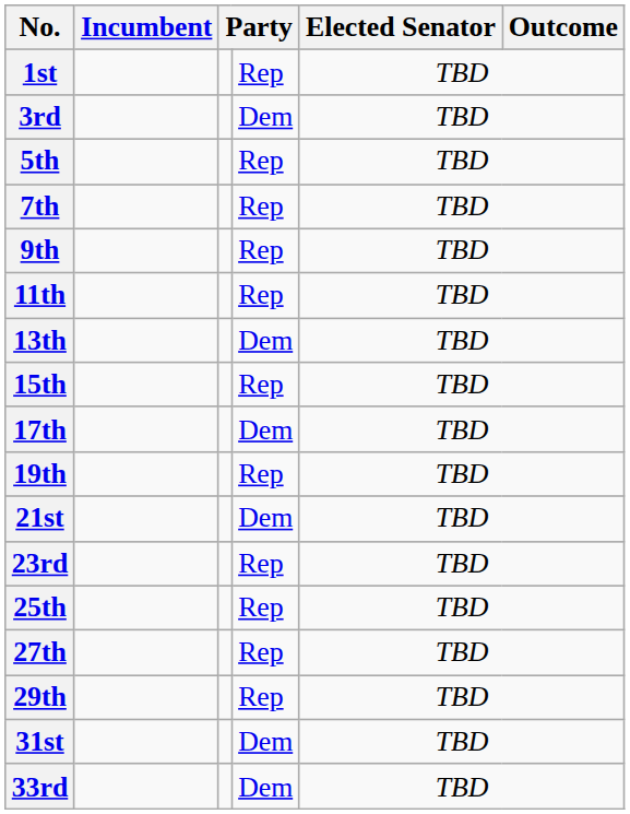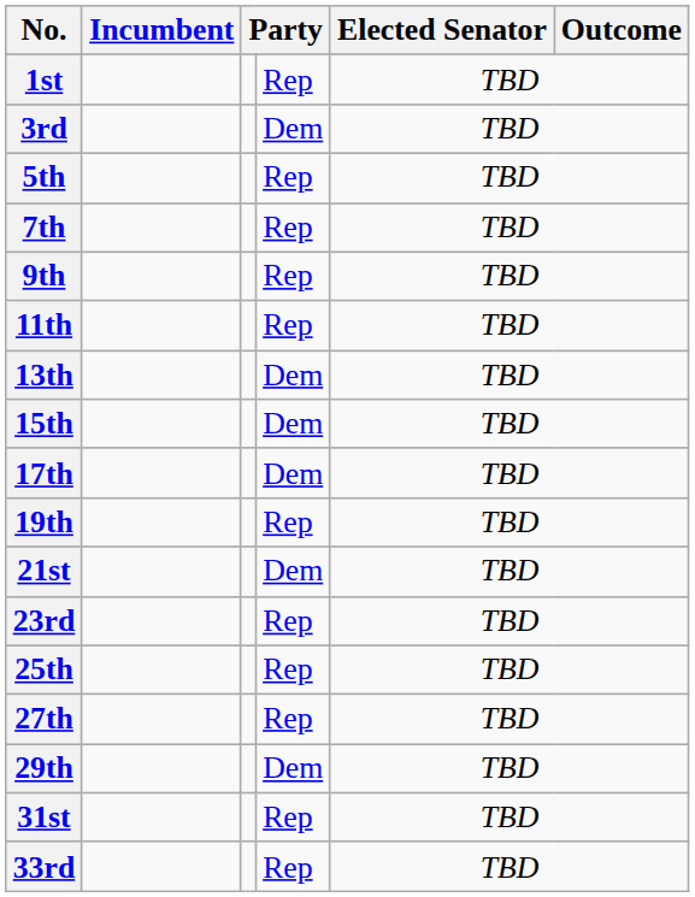 <table class="wikitable sortable">
 <tr>
 <th>No.</th>
 <th><a href='#'>Incumbent</a></th>
 <th colspan="2">Party</th>
 <th>Elected Senator</th>
 <th colspan="2">Outcome</th>
 </tr>
 <tr>
 <th><a href='#'>1st</a></th>
 <td></td>
 <td style="background:"></td>
 <td><a href='#'>Rep</a></td>
 <td colspan=3 style="text-align:center;"><em>TBD</em></td>
 </tr>
 <tr>
 <th><a href='#'>3rd</a></th>
 <td></td>
 <td style="background:"></td>
 <td><a href='#'>Dem</a></td>
 <td colspan=3 style="text-align:center;"><em>TBD</em></td>
 </tr>
 <tr>
 <th><a href='#'>5th</a></th>
 <td></td>
 <td style="background:"></td>
 <td><a href='#'>Rep</a></td>
 <td colspan=3 style="text-align:center;"><em>TBD</em></td>
 </tr>
 <tr>
 <th><a href='#'>7th</a></th>
 <td></td>
 <td style="background:"></td>
 <td><a href='#'>Rep</a></td>
 <td colspan=3 style="text-align:center;"><em>TBD</em></td>
 </tr>
 <tr>
 <th><a href='#'>9th</a></th>
 <td></td>
 <td style="background:"></td>
 <td><a href='#'>Rep</a></td>
 <td colspan=3 style="text-align:center;"><em>TBD</em></td>
 </tr>
 <tr>
 <th><a href='#'>11th</a></th>
 <td></td>
 <td style="background:"></td>
 <td><a href='#'>Rep</a></td>
 <td colspan=3 style="text-align:center;"><em>TBD</em></td>
 </tr>
 <tr>
 <th><a href='#'>13th</a></th>
 <td></td>
 <td style="background:"></td>
 <td><a href='#'>Dem</a></td>
 <td colspan=3 style="text-align:center;"><em>TBD</em></td>
 </tr>
 <tr>
 <th><a href='#'>15th</a></th>
 <td></td>
 <td style="background:"></td>
-<td><a href='#'>Rep</a></td>
+<td><a href='#'>Dem</a></td>
 <td colspan=3 style="text-align:center;"><em>TBD</em></td>
 </tr>
 <tr>
 <th><a href='#'>17th</a></th>
 <td></td>
 <td style="background:"></td>
 <td><a href='#'>Dem</a></td>
 <td colspan=3 style="text-align:center;"><em>TBD</em></td>
 </tr>
 <tr>
 <th><a href='#'>19th</a></th>
 <td></td>
 <td style="background:"></td>
 <td><a href='#'>Rep</a></td>
 <td colspan=3 style="text-align:center;"><em>TBD</em></td>
 </tr>
 <tr>
 <th><a href='#'>21st</a></th>
 <td></td>
 <td style="background:"></td>
 <td><a href='#'>Dem</a></td>
 <td colspan=3 style="text-align:center;"><em>TBD</em></td>
 </tr>
 <tr>
 <th><a href='#'>23rd</a></th>
 <td></td>
 <td style="background:"></td>
 <td><a href='#'>Rep</a></td>
 <td colspan=3 style="text-align:center;"><em>TBD</em></td>
 </tr>
 <tr>
 <th><a href='#'>25th</a></th>
 <td></td>
 <td style="background:"></td>
 <td><a href='#'>Rep</a></td>
 <td colspan=3 style="text-align:center;"><em>TBD</em></td>
 </tr>
 <tr>
 <th><a href='#'>27th</a></th>
 <td></td>
 <td style="background:"></td>
 <td><a href='#'>Rep</a></td>
 <td colspan=3 style="text-align:center;"><em>TBD</em></td>
 </tr>
 <tr>
 <th><a href='#'>29th</a></th>
 <td></td>
 <td style="background:"></td>
-<td><a href='#'>Rep</a></td>
+<td><a href='#'>Dem</a></td>
 <td colspan=3 style="text-align:center;"><em>TBD</em></td>
 </tr>
 <tr>
 <th><a href='#'>31st</a></th>
 <td></td>
 <td style="background:"></td>
-<td><a href='#'>Dem</a></td>
+<td><a href='#'>Rep</a></td>
 <td colspan=3 style="text-align:center;"><em>TBD</em></td>
 </tr>
 <tr>
 <th><a href='#'>33rd</a></th>
 <td></td>
 <td style="background:"></td>
-<td><a href='#'>Dem</a></td>
+<td><a href='#'>Rep</a></td>
 <td colspan=3 style="text-align:center;"><em>TBD</em></td>
 </tr>
 <tr>
 </tr>
 </table>
